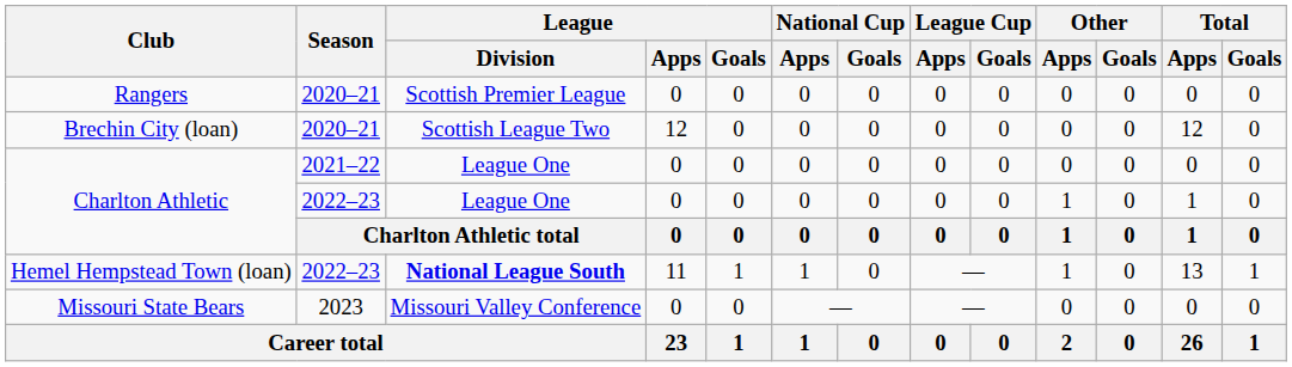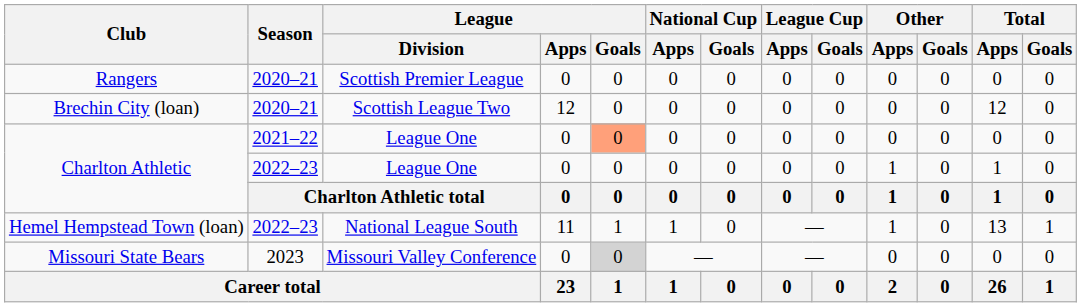 <table class="wikitable" style="text-align: center">
 <tr>
 <th rowspan="2">Club</th>
 <th rowspan="2">Season</th>
 <th colspan="3">League</th>
 <th colspan="2">National Cup</th>
 <th colspan="2">League Cup</th>
 <th colspan="2">Other</th>
 <th colspan="2">Total</th>
 </tr>
 <tr>
 <th>Division</th>
 <th>Apps</th>
 <th>Goals</th>
 <th>Apps</th>
 <th>Goals</th>
 <th>Apps</th>
 <th>Goals</th>
 <th>Apps</th>
 <th>Goals</th>
 <th>Apps</th>
 <th>Goals</th>
 </tr>
 <tr>
 <td><a href='#'>Rangers</a></td>
 <td><a href='#'>2020–21</a></td>
 <td><a href='#'>Scottish Premier League</a></td>
 <td>0</td>
 <td>0</td>
 <td>0</td>
 <td>0</td>
 <td>0</td>
 <td>0</td>
 <td>0</td>
 <td>0</td>
 <td>0</td>
 <td>0</td>
 </tr>
 <tr>
 <td><a href='#'>Brechin City</a> (loan)</td>
 <td><a href='#'>2020–21</a></td>
 <td><a href='#'>Scottish League Two</a></td>
 <td>12</td>
 <td>0</td>
 <td>0</td>
 <td>0</td>
 <td>0</td>
 <td>0</td>
 <td>0</td>
 <td>0</td>
 <td>12</td>
 <td>0</td>
 </tr>
 <tr>
 <td rowspan="3"><a href='#'>Charlton Athletic</a></td>
 <td><a href='#'>2021–22</a></td>
 <td><a href='#'>League One</a></td>
 <td>0</td>
-<td>0</td>
+<td style="background: lightsalmon;">0</td>
 <td>0</td>
 <td>0</td>
 <td>0</td>
 <td>0</td>
 <td>0</td>
 <td>0</td>
 <td>0</td>
 <td>0</td>
 </tr>
 <tr>
 <td><a href='#'>2022–23</a></td>
 <td><a href='#'>League One</a></td>
 <td>0</td>
 <td>0</td>
 <td>0</td>
 <td>0</td>
 <td>0</td>
 <td>0</td>
 <td>1</td>
 <td>0</td>
 <td>1</td>
 <td>0</td>
 </tr>
 <tr>
 <th colspan="2">Charlton Athletic total</th>
 <th>0</th>
 <th>0</th>
 <th>0</th>
 <th>0</th>
 <th>0</th>
 <th>0</th>
 <th>1</th>
 <th>0</th>
 <th>1</th>
 <th>0</th>
 </tr>
 <tr>
 <td><a href='#'>Hemel Hempstead Town</a> (loan)</td>
 <td><a href='#'>2022–23</a></td>
-<td><strong><a href='#'>National League South</a></strong></td>
+<td><a href='#'>National League South</a></td>
 <td>11</td>
 <td>1</td>
 <td>1</td>
 <td>0</td>
 <td colspan=2>—</td>
 <td>1</td>
 <td>0</td>
 <td>13</td>
 <td>1</td>
 </tr>
 <tr>
 <td><a href='#'>Missouri State Bears</a></td>
 <td>2023</td>
 <td><a href='#'>Missouri Valley Conference</a></td>
 <td>0</td>
-<td>0</td>
+<td style="background: lightgrey;">0</td>
 <td colspan=2>—</td>
 <td colspan=2>—</td>
 <td>0</td>
 <td>0</td>
 <td>0</td>
 <td>0</td>
 </tr>
 <tr>
 <th colspan="3">Career total</th>
 <th>23</th>
 <th>1</th>
 <th>1</th>
 <th>0</th>
 <th>0</th>
 <th>0</th>
 <th>2</th>
 <th>0</th>
 <th>26</th>
 <th>1</th>
 </tr>
 </table>
